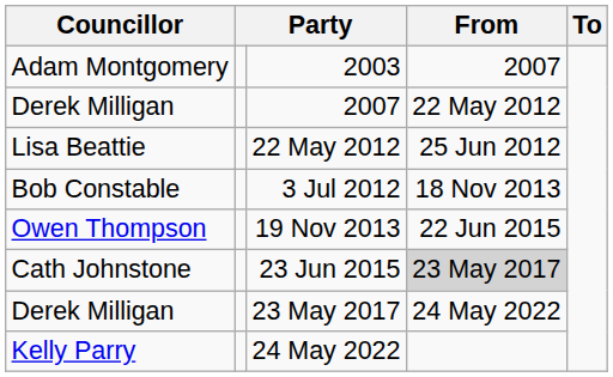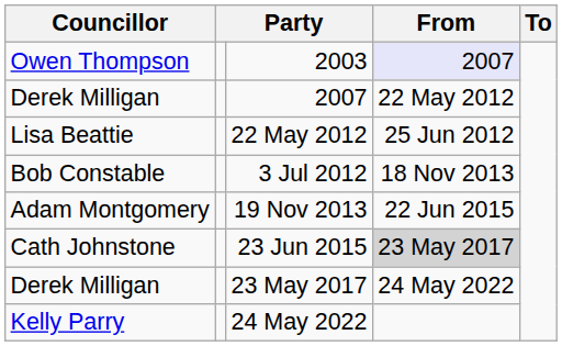 <table class=wikitable>
 <tr>
 <th>Councillor</th>
 <th colspan=2>Party</th>
 <th>From</th>
 <th>To</th>
 </tr>
 <tr>
-<td>Adam Montgomery</td>
+<td><a href='#'>Owen Thompson</a></td>
 <td></td>
 <td align=right>2003</td>
-<td align=right>2007</td>
+<td align=right style="background: lavender;">2007</td>
 </tr>
 <tr>
 <td>Derek Milligan</td>
 <td></td>
 <td align=right>2007</td>
 <td align=right>22 May 2012</td>
 </tr>
 <tr>
 <td>Lisa Beattie</td>
 <td></td>
 <td align=right>22 May 2012</td>
 <td align=right>25 Jun 2012</td>
 </tr>
 <tr>
 <td>Bob Constable</td>
 <td></td>
 <td align=right>3 Jul 2012</td>
 <td align=right>18 Nov 2013</td>
 </tr>
 <tr>
-<td><a href='#'>Owen Thompson</a></td>
+<td>Adam Montgomery</td>
 <td></td>
 <td align=right>19 Nov 2013</td>
 <td align=right>22 Jun 2015</td>
 </tr>
 <tr>
 <td>Cath Johnstone</td>
 <td></td>
 <td align=right>23 Jun 2015</td>
 <td align=right style="background: lightgrey;">23 May 2017</td>
 </tr>
 <tr>
 <td>Derek Milligan</td>
 <td></td>
 <td align=right>23 May 2017</td>
 <td align=right>24 May 2022</td>
 </tr>
 <tr>
 <td><a href='#'>Kelly Parry</a></td>
 <td></td>
 <td>24 May 2022</td>
 <td align="right"></td>
 </tr>
 </table>
